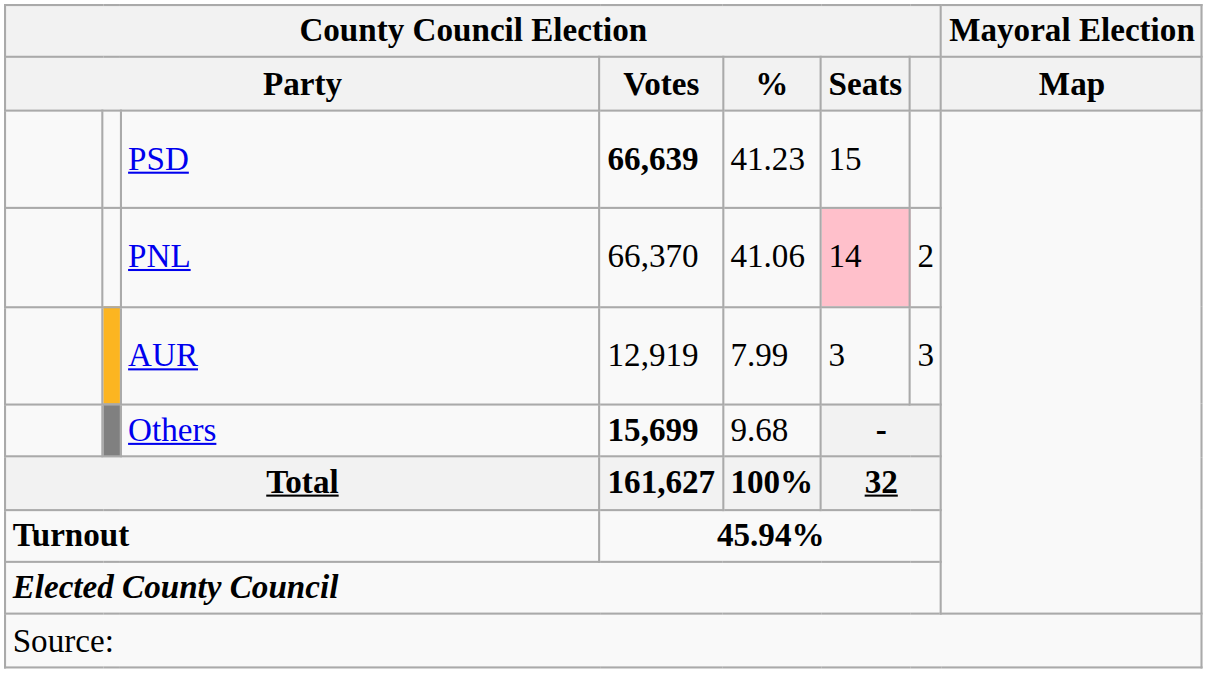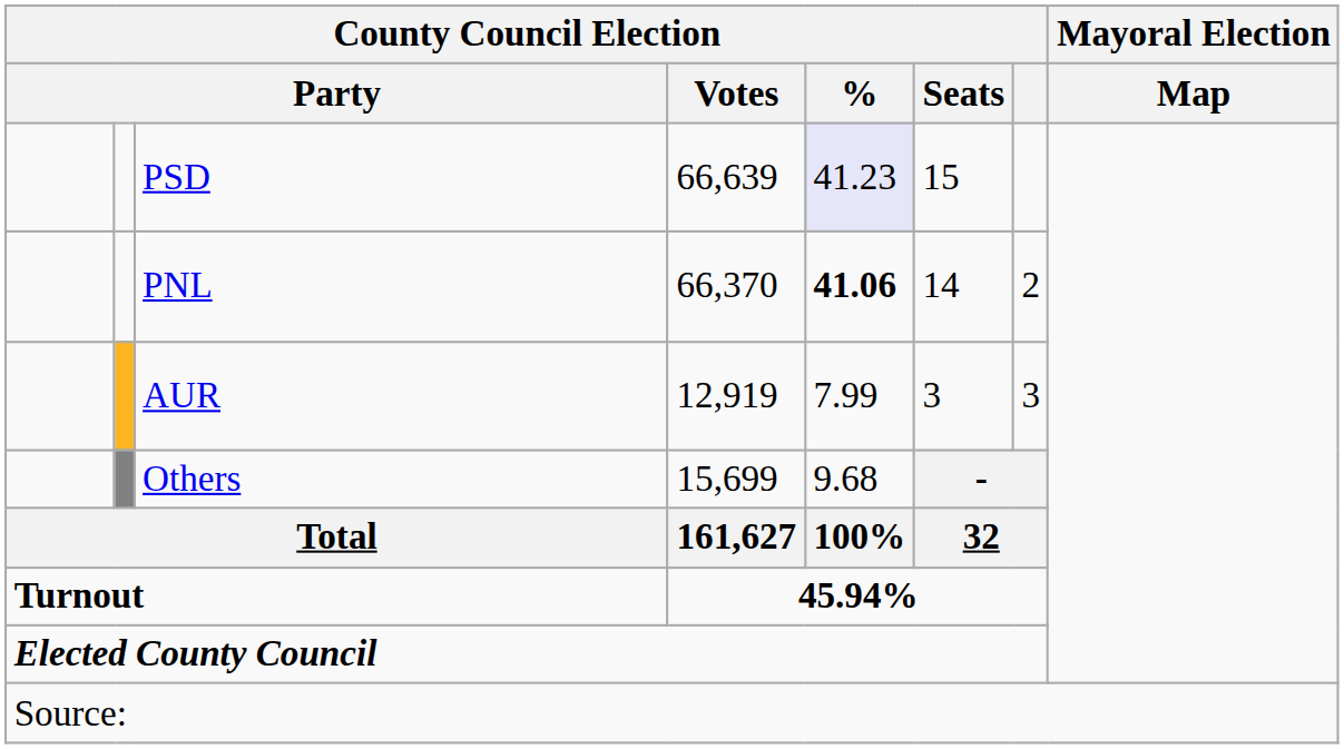 <table class="wikitable" style="text-align:left">
 <tr>
 <th colspan="7">County Council Election</th>
 <th>Mayoral Election</th>
 </tr>
 <tr>
 <th colspan="3" width="280">Party</th>
 <th>Votes</th>
 <th>%</th>
 <th>Seats</th>
 <th></th>
 <th>Map</th>
 </tr>
 <tr>
 <td width="40" height="40"></td>
 <td style="color:inherit;background:"></td>
 <td align="left"><a href='#'>PSD</a></td>
-<td><strong>66,639</strong></td>
-<td>41.23</td>
+<td>66,639</td>
+<td style="background: lavender;">41.23</td>
 <td>15</td>
 <td></td>
 <td rowspan="7"></td>
 </tr>
 <tr>
 <td height="40"></td>
 <td width="1" style="color:inherit;background:"></td>
 <td align="left"><a href='#'>PNL</a></td>
 <td>66,370</td>
-<td>41.06</td>
-<td style="background: pink;">14</td>
+<td><strong>41.06</strong></td>
+<td>14</td>
 <td>2</td>
 </tr>
 <tr>
 <td height="40"></td>
 <td style="background:#FCB521;"></td>
 <td align="left"><a href='#'>AUR</a></td>
 <td>12,919</td>
 <td>7.99</td>
 <td>3</td>
 <td>3</td>
 </tr>
 <tr>
 <td></td>
 <td style="background-color:Grey "></td>
 <td align="left"><a href='#'>Others</a></td>
-<td><strong>15,699</strong></td>
+<td>15,699</td>
 <td>9.68</td>
 <th colspan="2">-</th>
 </tr>
 <tr>
 <th colspan="3"><strong><u>Total</u></strong></th>
 <th style="text-align:left">161,627</th>
 <th style="text-align:left">100%</th>
 <th colspan="2"><strong><u>32</u></strong></th>
 </tr>
 <tr>
 <td colspan="3"><strong>Turnout</strong></td>
 <td colspan="4" style="text-align: center"><strong>45.94%</strong></td>
 </tr>
 <tr>
 <td colspan="7"><strong><em>Elected County Council</em></strong></td>
 </tr>
 <tr>
 <td colspan="8">Source: </td>
 </tr>
 </table>
